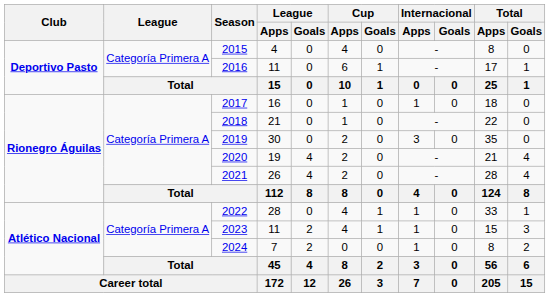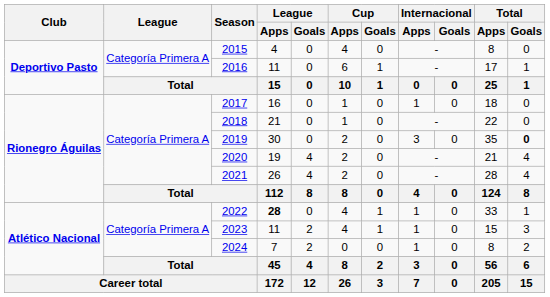 <table class="wikitable" style="text-align: center;">
 <tr>
 <th rowspan="2">Club</th>
 <th rowspan="2">League</th>
 <th rowspan="2">Season</th>
 <th colspan="2">League</th>
 <th colspan="2">Cup</th>
 <th colspan="2">Internacional</th>
 <th colspan="2">Total</th>
 </tr>
 <tr>
 <th>Apps</th>
 <th>Goals</th>
 <th>Apps</th>
 <th>Goals</th>
 <th>Apps</th>
 <th>Goals</th>
 <th>Apps</th>
 <th>Goals</th>
 </tr>
 <tr>
 <td rowspan="3" valign="center"><strong><a href='#'>Deportivo Pasto</a></strong></td>
 <td rowspan="2" valign="center"><a href='#'>Categoría Primera A</a></td>
 <td><a href='#'>2015</a></td>
 <td>4</td>
 <td>0</td>
 <td>4</td>
 <td>0</td>
 <td colspan="2">-</td>
 <td>8</td>
 <td>0</td>
 </tr>
 <tr>
 <td><a href='#'>2016</a></td>
 <td>11</td>
 <td>0</td>
 <td>6</td>
 <td>1</td>
 <td colspan="2">-</td>
 <td>17</td>
 <td>1</td>
 </tr>
 <tr style="background:#DDDDDD">
 <th colspan="2">Total</th>
 <th>15</th>
 <th>0</th>
 <th>10</th>
 <th>1</th>
 <th>0</th>
 <th>0</th>
 <th>25</th>
 <th>1</th>
 </tr>
 <tr>
 <td rowspan="6" valign="center"><strong><a href='#'>Rionegro Águilas</a></strong></td>
 <td rowspan="5" valign="center"><a href='#'>Categoría Primera A</a></td>
 <td><a href='#'>2017</a></td>
 <td>16</td>
 <td>0</td>
 <td>1</td>
 <td>0</td>
 <td>1</td>
 <td>0</td>
 <td>18</td>
 <td>0</td>
 </tr>
 <tr>
 <td><a href='#'>2018</a></td>
 <td>21</td>
 <td>0</td>
 <td>1</td>
 <td>0</td>
 <td colspan="2">-</td>
 <td>22</td>
 <td>0</td>
 </tr>
 <tr>
 <td><a href='#'>2019</a></td>
 <td>30</td>
 <td>0</td>
 <td>2</td>
 <td>0</td>
 <td>3</td>
 <td>0</td>
 <td>35</td>
-<td>0</td>
+<td><strong>0</strong></td>
 </tr>
 <tr>
 <td><a href='#'>2020</a></td>
 <td>19</td>
 <td>4</td>
 <td>2</td>
 <td>0</td>
 <td colspan="2">-</td>
 <td>21</td>
 <td>4</td>
 </tr>
 <tr>
 <td><a href='#'>2021</a></td>
 <td>26</td>
 <td>4</td>
 <td>2</td>
 <td>0</td>
 <td colspan="2">-</td>
 <td>28</td>
 <td>4</td>
 </tr>
 <tr style="background:#DDDDDD">
 <th colspan="2">Total</th>
 <th>112</th>
 <th>8</th>
 <th>8</th>
 <th>0</th>
 <th>4</th>
 <th>0</th>
 <th>124</th>
 <th>8</th>
 </tr>
 <tr>
 <td rowspan="4" valign="center"><strong><a href='#'>Atlético Nacional</a></strong></td>
 <td rowspan="3" valign="center"><a href='#'>Categoría Primera A</a></td>
 <td><a href='#'>2022</a></td>
-<td>28</td>
+<td><strong>28</strong></td>
 <td>0</td>
 <td>4</td>
 <td>1</td>
 <td>1</td>
 <td>0</td>
 <td>33</td>
 <td>1</td>
 </tr>
 <tr>
 <td><a href='#'>2023</a></td>
 <td>11</td>
 <td>2</td>
 <td>4</td>
 <td>1</td>
 <td>1</td>
 <td>0</td>
 <td>15</td>
 <td>3</td>
 </tr>
 <tr>
 <td><a href='#'>2024</a></td>
 <td>7</td>
 <td>2</td>
 <td>0</td>
 <td>0</td>
 <td>1</td>
 <td>0</td>
 <td>8</td>
 <td>2</td>
 </tr>
 <tr style="background:#DDDDDD">
 <th colspan="2">Total</th>
 <th>45</th>
 <th>4</th>
 <th>8</th>
 <th>2</th>
 <th>3</th>
 <th>0</th>
 <th>56</th>
 <th>6</th>
 </tr>
 <tr>
 <th colspan="3">Career total</th>
 <th>172</th>
 <th>12</th>
 <th>26</th>
 <th>3</th>
 <th>7</th>
 <th>0</th>
 <th>205</th>
 <th>15</th>
 </tr>
 </table>
